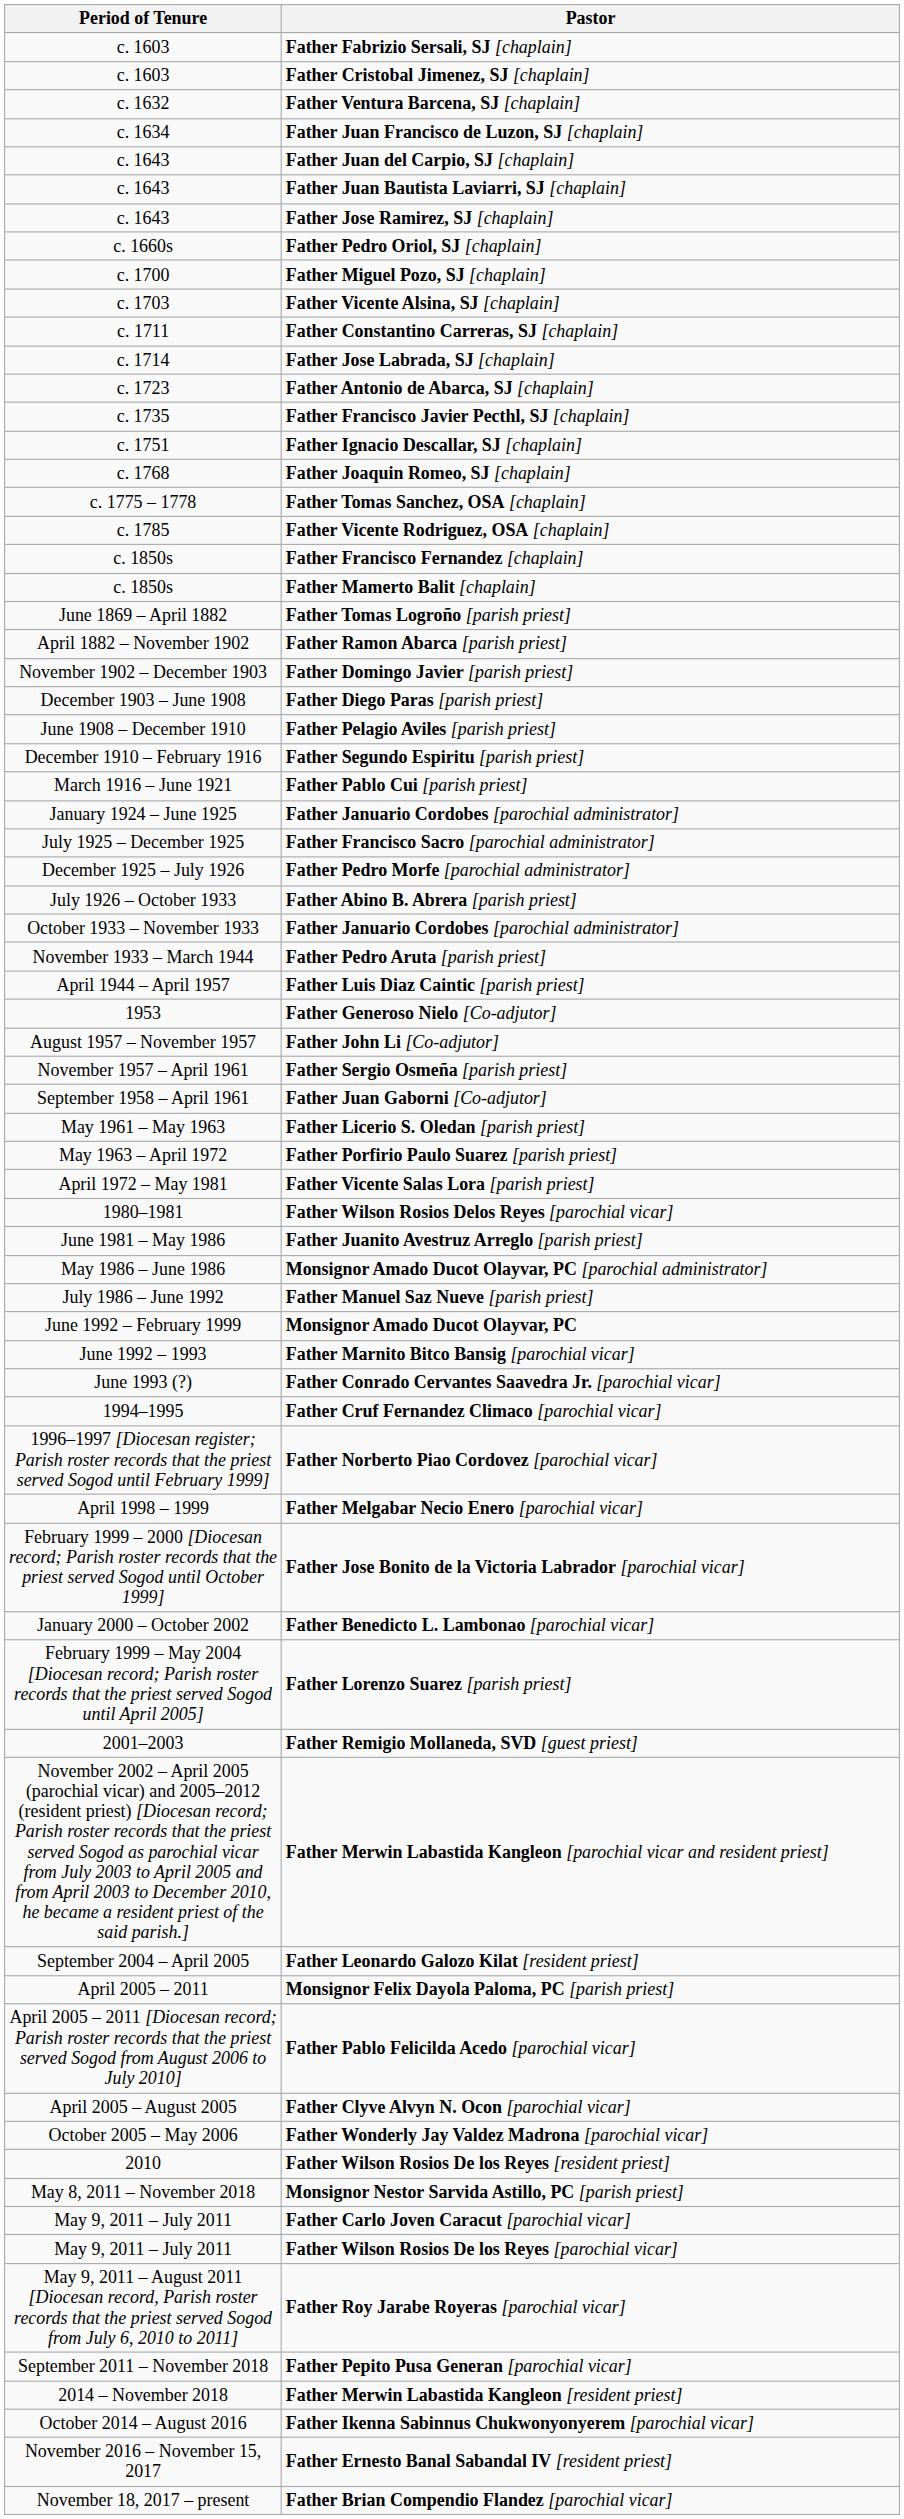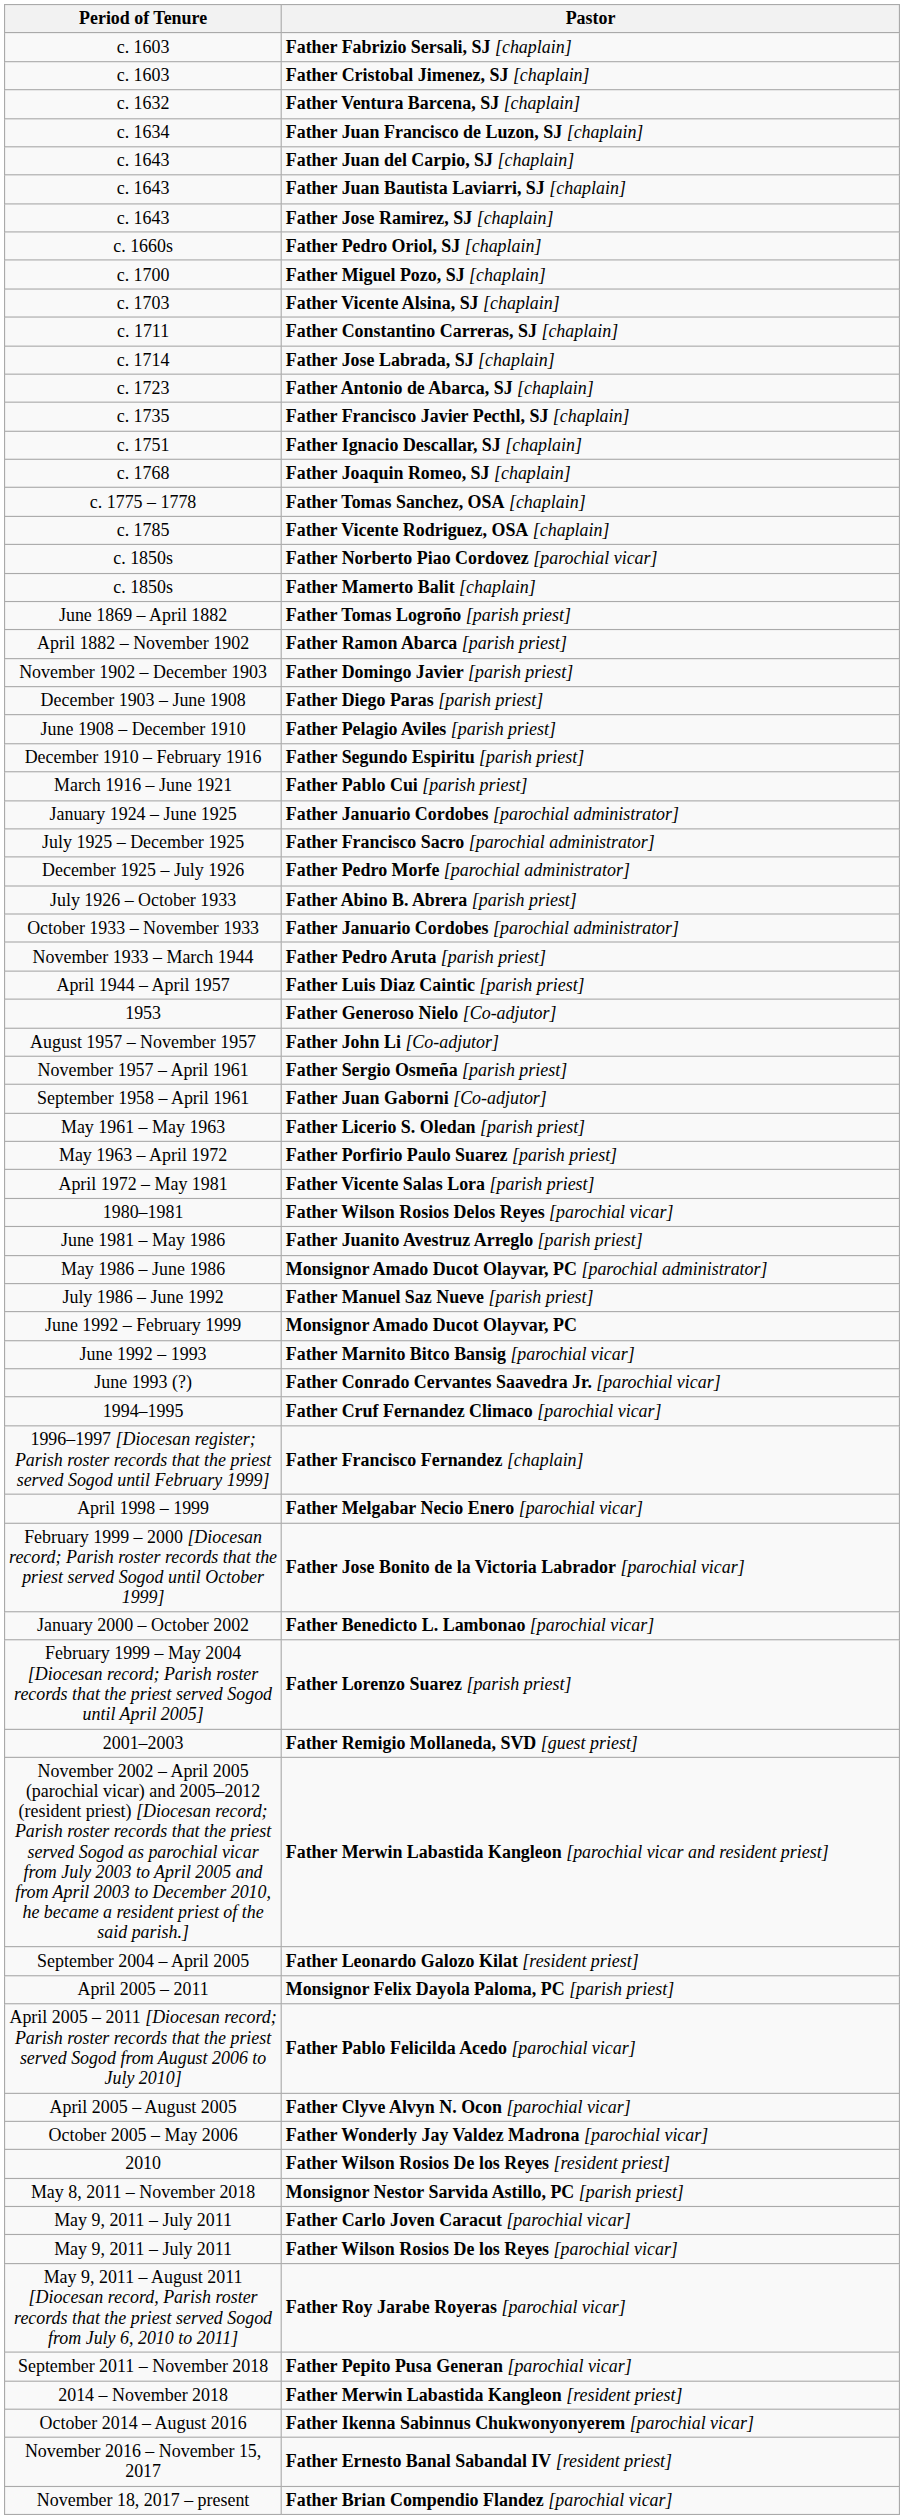 <table class="collapsible collapsed wikitable toccolours" style="min-width:50em; width:auto">
 <tr>
 <th scope="col" style="width:15em">Period of Tenure</th>
 <th scope="col">Pastor</th>
 </tr>
 <tr>
 <td style="text-align: center;">c. 1603</td>
 <td><strong>Father Fabrizio Sersali, SJ</strong> <em>[chaplain]</em></td>
 </tr>
 <tr>
 <td style="text-align: center;">c. 1603</td>
 <td><strong>Father Cristobal Jimenez, SJ</strong> <em>[chaplain]</em></td>
 </tr>
 <tr>
 <td style="text-align: center;">c. 1632</td>
 <td><strong>Father Ventura Barcena, SJ</strong> <em>[chaplain]</em></td>
 </tr>
 <tr>
 <td style="text-align: center;">c. 1634</td>
 <td><strong>Father Juan Francisco de Luzon, SJ</strong> <em>[chaplain]</em></td>
 </tr>
 <tr>
 <td style="text-align: center;">c. 1643</td>
 <td><strong>Father Juan del Carpio, SJ</strong> <em>[chaplain]</em></td>
 </tr>
 <tr>
 <td style="text-align: center;">c. 1643</td>
 <td><strong>Father Juan Bautista Laviarri, SJ</strong> <em>[chaplain]</em></td>
 </tr>
 <tr>
 <td style="text-align: center;">c. 1643</td>
 <td><strong>Father Jose Ramirez, SJ</strong> <em>[chaplain]</em></td>
 </tr>
 <tr>
 <td style="text-align: center;">c. 1660s</td>
 <td><strong>Father Pedro Oriol, SJ</strong> <em>[chaplain]</em></td>
 </tr>
 <tr>
 <td style="text-align: center;">c. 1700</td>
 <td><strong>Father Miguel Pozo, SJ</strong> <em>[chaplain]</em></td>
 </tr>
 <tr>
 <td style="text-align: center;">c. 1703</td>
 <td><strong>Father Vicente Alsina, SJ</strong> <em>[chaplain]</em></td>
 </tr>
 <tr>
 <td style="text-align: center;">c. 1711</td>
 <td><strong>Father Constantino Carreras, SJ</strong> <em>[chaplain]</em></td>
 </tr>
 <tr>
 <td style="text-align: center;">c. 1714</td>
 <td><strong>Father Jose Labrada, SJ</strong> <em>[chaplain]</em></td>
 </tr>
 <tr>
 <td style="text-align: center;">c. 1723</td>
 <td><strong>Father Antonio de Abarca, SJ</strong> <em>[chaplain]</em></td>
 </tr>
 <tr>
 <td style="text-align: center;">c. 1735</td>
 <td><strong>Father Francisco Javier Pecthl, SJ</strong> <em>[chaplain]</em></td>
 </tr>
 <tr>
 <td style="text-align: center;">c. 1751</td>
 <td><strong>Father Ignacio Descallar, SJ</strong> <em>[chaplain]</em></td>
 </tr>
 <tr>
 <td style="text-align: center;">c. 1768</td>
 <td><strong>Father Joaquin Romeo, SJ</strong> <em>[chaplain]</em></td>
 </tr>
 <tr>
 <td style="text-align: center;">c. 1775 – 1778</td>
 <td><strong>Father Tomas Sanchez, OSA</strong> <em>[chaplain]</em></td>
 </tr>
 <tr>
 <td style="text-align: center;">c. 1785</td>
 <td><strong>Father Vicente Rodriguez, OSA</strong> <em>[chaplain]</em></td>
 </tr>
 <tr>
 <td style="text-align: center;">c. 1850s</td>
-<td><strong>Father Francisco Fernandez</strong> <em>[chaplain]</em></td>
+<td><strong>Father Norberto Piao Cordovez</strong> <em>[parochial vicar]</em></td>
 </tr>
 <tr>
 <td style="text-align: center;">c. 1850s</td>
 <td><strong>Father Mamerto Balit</strong> <em>[chaplain]</em></td>
 </tr>
 <tr>
 <td style="text-align: center;">June 1869 – April 1882</td>
 <td><strong>Father Tomas Logroño</strong> <em>[parish priest]</em></td>
 </tr>
 <tr>
 <td style="text-align: center;">April 1882 – November 1902</td>
 <td><strong>Father Ramon Abarca</strong> <em>[parish priest]</em></td>
 </tr>
 <tr>
 <td style="text-align: center;">November 1902 – December 1903</td>
 <td><strong>Father Domingo Javier</strong> <em>[parish priest]</em></td>
 </tr>
 <tr>
 <td style="text-align: center;">December 1903 – June 1908</td>
 <td><strong>Father Diego Paras</strong> <em>[parish priest]</em></td>
 </tr>
 <tr>
 <td style="text-align: center;">June 1908 – December 1910</td>
 <td><strong>Father Pelagio Aviles</strong> <em>[parish priest]</em></td>
 </tr>
 <tr>
 <td style="text-align: center;">December 1910 – February 1916</td>
 <td><strong>Father Segundo Espiritu</strong> <em>[parish priest]</em></td>
 </tr>
 <tr>
 <td style="text-align: center;">March 1916 – June 1921</td>
 <td><strong>Father Pablo Cui</strong> <em>[parish priest]</em></td>
 </tr>
 <tr>
 <td style="text-align: center;">January 1924 – June 1925</td>
 <td><strong>Father Januario Cordobes</strong> <em>[parochial administrator]</em></td>
 </tr>
 <tr>
 <td style="text-align: center;">July 1925 – December 1925</td>
 <td><strong>Father Francisco Sacro</strong> <em>[parochial administrator]</em></td>
 </tr>
 <tr>
 <td style="text-align: center;">December 1925 – July 1926</td>
 <td><strong>Father Pedro Morfe</strong> <em>[parochial administrator]</em></td>
 </tr>
 <tr>
 <td style="text-align: center;">July 1926 – October 1933</td>
 <td><strong>Father Abino B. Abrera</strong> <em>[parish priest]</em></td>
 </tr>
 <tr>
 <td style="text-align: center;">October 1933 – November 1933</td>
 <td><strong>Father Januario Cordobes</strong> <em>[parochial administrator]</em></td>
 </tr>
 <tr>
 <td style="text-align: center;">November 1933 – March 1944</td>
 <td><strong>Father Pedro Aruta</strong> <em>[parish priest]</em></td>
 </tr>
 <tr>
 <td style="text-align: center;">April 1944 – April 1957</td>
 <td><strong>Father Luis Diaz Caintic</strong> <em>[parish priest]</em></td>
 </tr>
 <tr>
 <td style="text-align: center;">1953</td>
 <td><strong>Father Generoso Nielo</strong> <em>[Co-adjutor]</em></td>
 </tr>
 <tr>
 <td style="text-align: center;">August 1957 – November 1957</td>
 <td><strong>Father John Li</strong> <em>[Co-adjutor]</em></td>
 </tr>
 <tr>
 <td style="text-align: center;">November 1957 – April 1961</td>
 <td><strong>Father Sergio Osmeña</strong> <em>[parish priest]</em></td>
 </tr>
 <tr>
 <td style="text-align: center;">September 1958 – April 1961</td>
 <td><strong>Father Juan Gaborni</strong> <em>[Co-adjutor]</em></td>
 </tr>
 <tr>
 <td style="text-align: center;">May 1961 – May 1963</td>
 <td><strong>Father Licerio S. Oledan</strong> <em>[parish priest]</em></td>
 </tr>
 <tr>
 <td style="text-align: center;">May 1963 – April 1972</td>
 <td><strong>Father Porfirio Paulo Suarez</strong> <em>[parish priest]</em></td>
 </tr>
 <tr>
 <td style="text-align: center;">April 1972 – May 1981</td>
 <td><strong>Father Vicente Salas Lora</strong> <em>[parish priest]</em></td>
 </tr>
 <tr>
 <td style="text-align: center;">1980–1981</td>
 <td><strong>Father Wilson Rosios Delos Reyes</strong> <em>[parochial vicar]</em></td>
 </tr>
 <tr>
 <td style="text-align: center;">June 1981 – May 1986</td>
 <td><strong>Father Juanito Avestruz Arreglo</strong> <em>[parish priest]</em></td>
 </tr>
 <tr>
 <td style="text-align: center;">May 1986 – June 1986</td>
 <td><strong>Monsignor Amado Ducot Olayvar, PC</strong> <em>[parochial administrator]</em></td>
 </tr>
 <tr>
 <td style="text-align: center;">July 1986 – June 1992</td>
 <td><strong>Father Manuel Saz Nueve</strong> <em>[parish priest]</em></td>
 </tr>
 <tr>
 <td style="text-align: center;">June 1992 – February 1999</td>
 <td><strong>Monsignor Amado Ducot Olayvar, PC</strong></td>
 </tr>
 <tr>
 <td style="text-align: center;">June 1992 – 1993</td>
 <td><strong>Father Marnito Bitco Bansig</strong> <em>[parochial vicar]</em></td>
 </tr>
 <tr>
 <td style="text-align: center;">June 1993 (?)</td>
 <td><strong>Father Conrado Cervantes Saavedra Jr.</strong> <em>[parochial vicar]</em></td>
 </tr>
 <tr>
 <td style="text-align: center;">1994–1995</td>
 <td><strong>Father Cruf Fernandez Climaco</strong> <em>[parochial vicar]</em></td>
 </tr>
 <tr>
 <td style="text-align: center;">1996–1997 <em>[Diocesan register; Parish roster records that the priest served Sogod until February 1999]</em></td>
-<td><strong>Father Norberto Piao Cordovez</strong> <em>[parochial vicar]</em></td>
+<td><strong>Father Francisco Fernandez</strong> <em>[chaplain]</em></td>
 </tr>
 <tr>
 <td style="text-align: center;">April 1998 – 1999</td>
 <td><strong>Father Melgabar Necio Enero</strong> <em>[parochial vicar]</em></td>
 </tr>
 <tr>
 <td style="text-align: center;">February 1999 – 2000 <em>[Diocesan record; Parish roster records that the priest served Sogod until October 1999]</em></td>
 <td><strong>Father Jose Bonito de la Victoria Labrador</strong> <em>[parochial vicar]</em></td>
 </tr>
 <tr>
 <td style="text-align: center;">January 2000 – October 2002</td>
 <td><strong>Father Benedicto L. Lambonao</strong> <em>[parochial vicar]</em></td>
 </tr>
 <tr>
 <td style="text-align: center;">February 1999 – May 2004 <em>[Diocesan record; Parish roster records that the priest served Sogod until April 2005]</em></td>
 <td><strong>Father Lorenzo Suarez</strong> <em>[parish priest]</em></td>
 </tr>
 <tr>
 <td style="text-align: center;">2001–2003</td>
 <td><strong>Father Remigio Mollaneda, SVD</strong> <em>[guest priest]</em></td>
 </tr>
 <tr>
 <td style="text-align: center;">November 2002 – April 2005 (parochial vicar) and 2005–2012 (resident priest) <em>[Diocesan record; Parish roster records that the priest served Sogod as parochial vicar from July 2003 to April 2005 and from April 2003 to December 2010, he became a resident priest of the said parish.]</em></td>
 <td><strong>Father Merwin Labastida Kangleon</strong> <em>[parochial vicar and resident priest]</em></td>
 </tr>
 <tr>
 <td style="text-align: center;">September 2004 – April 2005</td>
 <td><strong>Father Leonardo Galozo Kilat</strong>  <em>[resident priest]</em></td>
 </tr>
 <tr>
 <td style="text-align: center;">April 2005 – 2011</td>
 <td><strong>Monsignor Felix Dayola Paloma, PC</strong> <em>[parish priest]</em></td>
 </tr>
 <tr>
 <td style="text-align: center;">April 2005 – 2011 <em>[Diocesan record; Parish roster records that the priest served Sogod from August 2006 to July 2010]</em></td>
 <td><strong>Father Pablo Felicilda Acedo</strong> <em>[parochial vicar]</em></td>
 </tr>
 <tr>
 <td style="text-align: center;">April 2005 – August 2005</td>
 <td><strong>Father Clyve Alvyn N. Ocon</strong> <em>[parochial vicar]</em></td>
 </tr>
 <tr>
 <td style="text-align: center;">October 2005 – May 2006</td>
 <td><strong>Father Wonderly Jay Valdez Madrona</strong> <em>[parochial vicar]</em></td>
 </tr>
 <tr>
 <td style="text-align: center;">2010</td>
 <td><strong>Father Wilson Rosios De los Reyes</strong> <em>[resident priest]</em></td>
 </tr>
 <tr>
 <td style="text-align: center;">May 8, 2011 – November 2018</td>
 <td><strong>Monsignor Nestor Sarvida Astillo, PC</strong> <em>[parish priest]</em></td>
 </tr>
 <tr>
 <td style="text-align: center;">May 9, 2011 – July 2011</td>
 <td><strong>Father Carlo Joven Caracut</strong> <em>[parochial vicar]</em></td>
 </tr>
 <tr>
 <td style="text-align: center;">May 9, 2011 – July 2011</td>
 <td><strong>Father Wilson Rosios De los Reyes</strong> <em>[parochial vicar]</em></td>
 </tr>
 <tr>
 <td style="text-align: center;">May 9, 2011 – August 2011 <em>[Diocesan record, Parish roster records that the priest served Sogod from July 6, 2010 to 2011]</em></td>
 <td><strong>Father Roy Jarabe Royeras</strong> <em>[parochial vicar]</em></td>
 </tr>
 <tr>
 <td style="text-align: center;">September 2011 – November 2018</td>
 <td><strong>Father Pepito Pusa Generan</strong> <em>[parochial vicar]</em></td>
 </tr>
 <tr>
 <td style="text-align: center;">2014 – November 2018</td>
 <td><strong>Father Merwin Labastida Kangleon</strong> <em>[resident priest]</em></td>
 </tr>
 <tr>
 <td style="text-align: center;">October 2014 – August 2016</td>
 <td><strong>Father Ikenna Sabinnus Chukwonyonyerem</strong> <em>[parochial vicar]</em></td>
 </tr>
 <tr>
 <td style="text-align: center;">November 2016 – November 15, 2017</td>
 <td><strong>Father Ernesto Banal Sabandal IV</strong> <em>[resident priest]</em></td>
 </tr>
 <tr>
 <td style="text-align: center;">November 18, 2017 – present</td>
 <td><strong>Father Brian Compendio Flandez</strong> <em>[parochial vicar]</em></td>
 </tr>
 </table>
